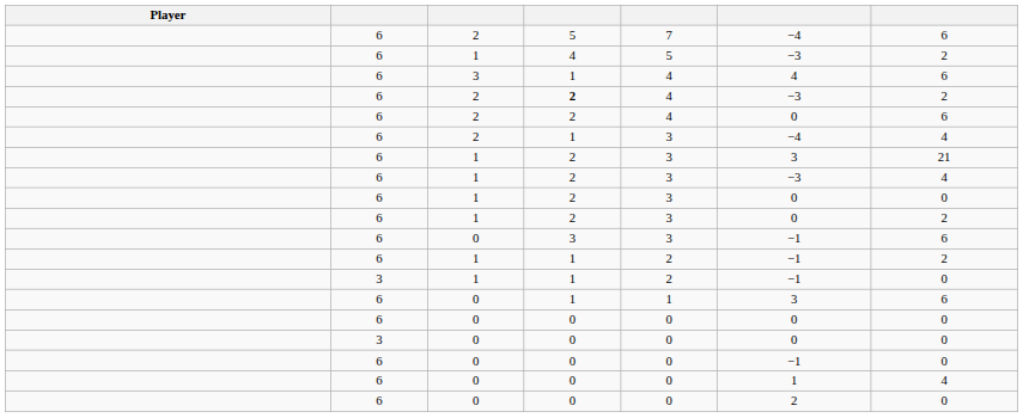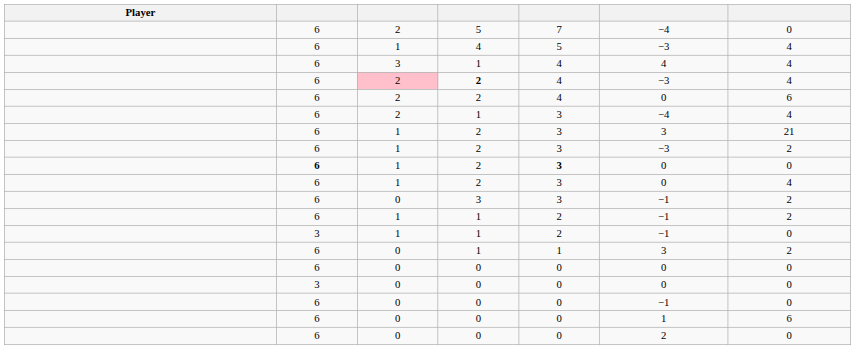 <table class="wikitable sortable" style="width:100%; text-align:center;">
 <tr>
 <th>Player</th>
 <th></th>
 <th></th>
 <th></th>
 <th></th>
 <th data-sort-type="number"></th>
 <th></th>
 </tr>
 <tr>
 <td></td>
 <td>6</td>
 <td>2</td>
 <td>5</td>
 <td>7</td>
 <td>−4</td>
-<td>6</td>
+<td>0</td>
 </tr>
 <tr>
 <td></td>
 <td>6</td>
 <td>1</td>
 <td>4</td>
 <td>5</td>
 <td>−3</td>
-<td>2</td>
+<td>4</td>
 </tr>
 <tr>
 <td></td>
 <td>6</td>
 <td>3</td>
 <td>1</td>
 <td>4</td>
 <td>4</td>
-<td>6</td>
+<td>4</td>
 </tr>
 <tr>
 <td></td>
 <td>6</td>
-<td>2</td>
+<td style="background: pink;">2</td>
 <td><strong>2</strong></td>
 <td>4</td>
 <td>−3</td>
-<td>2</td>
+<td>4</td>
 </tr>
 <tr>
 <td></td>
 <td>6</td>
 <td>2</td>
 <td>2</td>
 <td>4</td>
 <td>0</td>
 <td>6</td>
 </tr>
 <tr>
 <td></td>
 <td>6</td>
 <td>2</td>
 <td>1</td>
 <td>3</td>
 <td>−4</td>
 <td>4</td>
 </tr>
 <tr>
 <td></td>
 <td>6</td>
 <td>1</td>
 <td>2</td>
 <td>3</td>
 <td>3</td>
 <td>21</td>
 </tr>
 <tr>
 <td></td>
 <td>6</td>
 <td>1</td>
 <td>2</td>
 <td>3</td>
 <td>−3</td>
-<td>4</td>
+<td>2</td>
 </tr>
 <tr>
 <td></td>
-<td>6</td>
+<td><strong>6</strong></td>
 <td>1</td>
 <td>2</td>
-<td>3</td>
+<td><strong>3</strong></td>
 <td>0</td>
 <td>0</td>
 </tr>
 <tr>
 <td></td>
 <td>6</td>
 <td>1</td>
 <td>2</td>
 <td>3</td>
 <td>0</td>
-<td>2</td>
+<td>4</td>
 </tr>
 <tr>
 <td></td>
 <td>6</td>
 <td>0</td>
 <td>3</td>
 <td>3</td>
 <td>−1</td>
-<td>6</td>
+<td>2</td>
 </tr>
 <tr>
 <td></td>
 <td>6</td>
 <td>1</td>
 <td>1</td>
 <td>2</td>
 <td>−1</td>
 <td>2</td>
 </tr>
 <tr>
 <td></td>
 <td>3</td>
 <td>1</td>
 <td>1</td>
 <td>2</td>
 <td>−1</td>
 <td>0</td>
 </tr>
 <tr>
 <td></td>
 <td>6</td>
 <td>0</td>
 <td>1</td>
 <td>1</td>
 <td>3</td>
-<td>6</td>
+<td>2</td>
 </tr>
 <tr>
 <td></td>
 <td>6</td>
 <td>0</td>
 <td>0</td>
 <td>0</td>
 <td>0</td>
 <td>0</td>
 </tr>
 <tr>
 <td></td>
 <td>3</td>
 <td>0</td>
 <td>0</td>
 <td>0</td>
 <td>0</td>
 <td>0</td>
 </tr>
 <tr>
 <td></td>
 <td>6</td>
 <td>0</td>
 <td>0</td>
 <td>0</td>
 <td>−1</td>
 <td>0</td>
 </tr>
 <tr>
 <td></td>
 <td>6</td>
 <td>0</td>
 <td>0</td>
 <td>0</td>
 <td>1</td>
-<td>4</td>
+<td>6</td>
 </tr>
 <tr>
 <td></td>
 <td>6</td>
 <td>0</td>
 <td>0</td>
 <td>0</td>
 <td>2</td>
 <td>0</td>
 </tr>
 </table>
